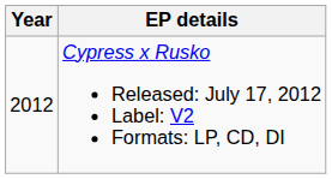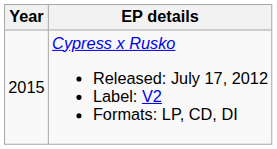 <table class="wikitable" border="1">
 <tr>
 <th>Year</th>
 <th>EP details</th>
 </tr>
 <tr>
-<td align="center">2012</td>
+<td align="center">2015</td>
 <td align="left"><em><a href='#'>Cypress x Rusko</a></em><br><ul><li>Released: July 17, 2012</li><li>Label: <a href='#'>V2</a></li><li>Formats: LP, CD, DI</li></ul></td>
 </tr>
 </table>
